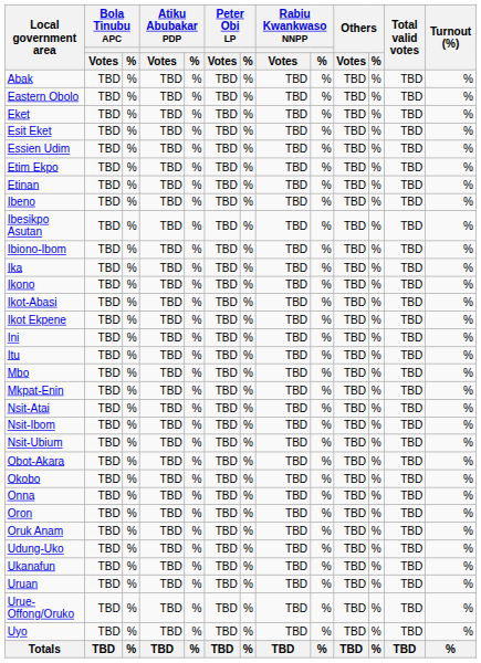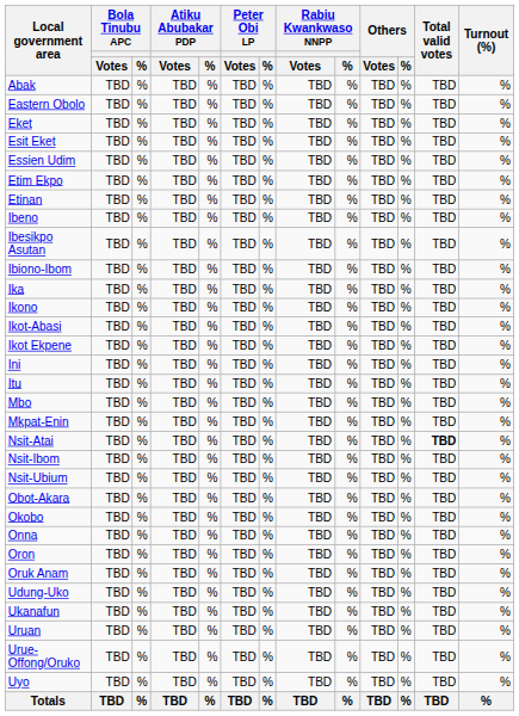 <table class="wikitable sortable" style="text-align:right; font-size:90%">
 <tr>
 <th rowspan="3" style="max-width:7.5em;">Local government area</th>
 <th colspan="2"><a href='#'>Bola Tinubu</a><br><small>APC</small></th>
 <th colspan="2"><a href='#'>Atiku Abubakar</a><br><small>PDP</small></th>
 <th colspan="2"><a href='#'>Peter Obi</a><br><small>LP</small></th>
 <th colspan="2"><a href='#'>Rabiu Kwankwaso</a><br><small>NNPP</small></th>
 <th colspan="2" rowspan="2">Others</th>
 <th rowspan="3" style="max-width:5em;">Total valid votes</th>
 <th rowspan="3" style="max-width:5em;">Turnout (%)</th>
 </tr>
 <tr>
 <th colspan=2 style="background-color:"></th>
 <th colspan=2 style="background-color:"></th>
 <th colspan=2 style="background-color:"></th>
 <th colspan=2 style="background-color:"></th>
 </tr>
 <tr>
 <th>Votes</th>
 <th>%</th>
 <th>Votes</th>
 <th>%</th>
 <th>Votes</th>
 <th>%</th>
 <th>Votes</th>
 <th>%</th>
 <th>Votes</th>
 <th>%</th>
 </tr>
 <tr style="background-color:#">
 <td style="text-align:left;"><a href='#'>Abak</a></td>
 <td>TBD</td>
 <td>%</td>
 <td>TBD</td>
 <td>%</td>
 <td>TBD</td>
 <td>%</td>
 <td>TBD</td>
 <td>%</td>
 <td>TBD</td>
 <td>%</td>
 <td>TBD</td>
 <td>%</td>
 </tr>
 <tr style="background-color:#">
 <td style="text-align:left;"><a href='#'>Eastern Obolo</a></td>
 <td>TBD</td>
 <td>%</td>
 <td>TBD</td>
 <td>%</td>
 <td>TBD</td>
 <td>%</td>
 <td>TBD</td>
 <td>%</td>
 <td>TBD</td>
 <td>%</td>
 <td>TBD</td>
 <td>%</td>
 </tr>
 <tr style="background-color:#">
 <td style="text-align:left;"><a href='#'>Eket</a></td>
 <td>TBD</td>
 <td>%</td>
 <td>TBD</td>
 <td>%</td>
 <td>TBD</td>
 <td>%</td>
 <td>TBD</td>
 <td>%</td>
 <td>TBD</td>
 <td>%</td>
 <td>TBD</td>
 <td>%</td>
 </tr>
 <tr style="background-color:#">
 <td style="text-align:left;"><a href='#'>Esit Eket</a></td>
 <td>TBD</td>
 <td>%</td>
 <td>TBD</td>
 <td>%</td>
 <td>TBD</td>
 <td>%</td>
 <td>TBD</td>
 <td>%</td>
 <td>TBD</td>
 <td>%</td>
 <td>TBD</td>
 <td>%</td>
 </tr>
 <tr style="background-color:#">
 <td style="text-align:left;"><a href='#'>Essien Udim</a></td>
 <td>TBD</td>
 <td>%</td>
 <td>TBD</td>
 <td>%</td>
 <td>TBD</td>
 <td>%</td>
 <td>TBD</td>
 <td>%</td>
 <td>TBD</td>
 <td>%</td>
 <td>TBD</td>
 <td>%</td>
 </tr>
 <tr style="background-color:#">
 <td style="text-align:left;"><a href='#'>Etim Ekpo</a></td>
 <td>TBD</td>
 <td>%</td>
 <td>TBD</td>
 <td>%</td>
 <td>TBD</td>
 <td>%</td>
 <td>TBD</td>
 <td>%</td>
 <td>TBD</td>
 <td>%</td>
 <td>TBD</td>
 <td>%</td>
 </tr>
 <tr style="background-color:#">
 <td style="text-align:left;"><a href='#'>Etinan</a></td>
 <td>TBD</td>
 <td>%</td>
 <td>TBD</td>
 <td>%</td>
 <td>TBD</td>
 <td>%</td>
 <td>TBD</td>
 <td>%</td>
 <td>TBD</td>
 <td>%</td>
 <td>TBD</td>
 <td>%</td>
 </tr>
 <tr style="background-color:#">
 <td style="text-align:left;"><a href='#'>Ibeno</a></td>
 <td>TBD</td>
 <td>%</td>
 <td>TBD</td>
 <td>%</td>
 <td>TBD</td>
 <td>%</td>
 <td>TBD</td>
 <td>%</td>
 <td>TBD</td>
 <td>%</td>
 <td>TBD</td>
 <td>%</td>
 </tr>
 <tr style="background-color:#">
 <td style="text-align:left;"><a href='#'>Ibesikpo Asutan</a></td>
 <td>TBD</td>
 <td>%</td>
 <td>TBD</td>
 <td>%</td>
 <td>TBD</td>
 <td>%</td>
 <td>TBD</td>
 <td>%</td>
 <td>TBD</td>
 <td>%</td>
 <td>TBD</td>
 <td>%</td>
 </tr>
 <tr style="background-color:#">
 <td style="text-align:left;"><a href='#'>Ibiono-Ibom</a></td>
 <td>TBD</td>
 <td>%</td>
 <td>TBD</td>
 <td>%</td>
 <td>TBD</td>
 <td>%</td>
 <td>TBD</td>
 <td>%</td>
 <td>TBD</td>
 <td>%</td>
 <td>TBD</td>
 <td>%</td>
 </tr>
 <tr style="background-color:#">
 <td style="text-align:left;"><a href='#'>Ika</a></td>
 <td>TBD</td>
 <td>%</td>
 <td>TBD</td>
 <td>%</td>
 <td>TBD</td>
 <td>%</td>
 <td>TBD</td>
 <td>%</td>
 <td>TBD</td>
 <td>%</td>
 <td>TBD</td>
 <td>%</td>
 </tr>
 <tr style="background-color:#">
 <td style="text-align:left;"><a href='#'>Ikono</a></td>
 <td>TBD</td>
 <td>%</td>
 <td>TBD</td>
 <td>%</td>
 <td>TBD</td>
 <td>%</td>
 <td>TBD</td>
 <td>%</td>
 <td>TBD</td>
 <td>%</td>
 <td>TBD</td>
 <td>%</td>
 </tr>
 <tr style="background-color:#">
 <td style="text-align:left;"><a href='#'>Ikot-Abasi</a></td>
 <td>TBD</td>
 <td>%</td>
 <td>TBD</td>
 <td>%</td>
 <td>TBD</td>
 <td>%</td>
 <td>TBD</td>
 <td>%</td>
 <td>TBD</td>
 <td>%</td>
 <td>TBD</td>
 <td>%</td>
 </tr>
 <tr style="background-color:#">
 <td style="text-align:left;"><a href='#'>Ikot Ekpene</a></td>
 <td>TBD</td>
 <td>%</td>
 <td>TBD</td>
 <td>%</td>
 <td>TBD</td>
 <td>%</td>
 <td>TBD</td>
 <td>%</td>
 <td>TBD</td>
 <td>%</td>
 <td>TBD</td>
 <td>%</td>
 </tr>
 <tr style="background-color:#">
 <td style="text-align:left;"><a href='#'>Ini</a></td>
 <td>TBD</td>
 <td>%</td>
 <td>TBD</td>
 <td>%</td>
 <td>TBD</td>
 <td>%</td>
 <td>TBD</td>
 <td>%</td>
 <td>TBD</td>
 <td>%</td>
 <td>TBD</td>
 <td>%</td>
 </tr>
 <tr style="background-color:#">
 <td style="text-align:left;"><a href='#'>Itu</a></td>
 <td>TBD</td>
 <td>%</td>
 <td>TBD</td>
 <td>%</td>
 <td>TBD</td>
 <td>%</td>
 <td>TBD</td>
 <td>%</td>
 <td>TBD</td>
 <td>%</td>
 <td>TBD</td>
 <td>%</td>
 </tr>
 <tr style="background-color:#">
 <td style="text-align:left;"><a href='#'>Mbo</a></td>
 <td>TBD</td>
 <td>%</td>
 <td>TBD</td>
 <td>%</td>
 <td>TBD</td>
 <td>%</td>
 <td>TBD</td>
 <td>%</td>
 <td>TBD</td>
 <td>%</td>
 <td>TBD</td>
 <td>%</td>
 </tr>
 <tr style="background-color:#">
 <td style="text-align:left;"><a href='#'>Mkpat-Enin</a></td>
 <td>TBD</td>
 <td>%</td>
 <td>TBD</td>
 <td>%</td>
 <td>TBD</td>
 <td>%</td>
 <td>TBD</td>
 <td>%</td>
 <td>TBD</td>
 <td>%</td>
 <td>TBD</td>
 <td>%</td>
 </tr>
 <tr style="background-color:#">
 <td style="text-align:left;"><a href='#'>Nsit-Atai</a></td>
 <td>TBD</td>
 <td>%</td>
 <td>TBD</td>
 <td>%</td>
 <td>TBD</td>
 <td>%</td>
 <td>TBD</td>
 <td>%</td>
 <td>TBD</td>
 <td>%</td>
-<td>TBD</td>
+<td><strong>TBD</strong></td>
 <td>%</td>
 </tr>
 <tr style="background-color:#">
 <td style="text-align:left;"><a href='#'>Nsit-Ibom</a></td>
 <td>TBD</td>
 <td>%</td>
 <td>TBD</td>
 <td>%</td>
 <td>TBD</td>
 <td>%</td>
 <td>TBD</td>
 <td>%</td>
 <td>TBD</td>
 <td>%</td>
 <td>TBD</td>
 <td>%</td>
 </tr>
 <tr style="background-color:#">
 <td style="text-align:left;"><a href='#'>Nsit-Ubium</a></td>
 <td>TBD</td>
 <td>%</td>
 <td>TBD</td>
 <td>%</td>
 <td>TBD</td>
 <td>%</td>
 <td>TBD</td>
 <td>%</td>
 <td>TBD</td>
 <td>%</td>
 <td>TBD</td>
 <td>%</td>
 </tr>
 <tr style="background-color:#">
 <td style="text-align:left;"><a href='#'>Obot-Akara</a></td>
 <td>TBD</td>
 <td>%</td>
 <td>TBD</td>
 <td>%</td>
 <td>TBD</td>
 <td>%</td>
 <td>TBD</td>
 <td>%</td>
 <td>TBD</td>
 <td>%</td>
 <td>TBD</td>
 <td>%</td>
 </tr>
 <tr style="background-color:#">
 <td style="text-align:left;"><a href='#'>Okobo</a></td>
 <td>TBD</td>
 <td>%</td>
 <td>TBD</td>
 <td>%</td>
 <td>TBD</td>
 <td>%</td>
 <td>TBD</td>
 <td>%</td>
 <td>TBD</td>
 <td>%</td>
 <td>TBD</td>
 <td>%</td>
 </tr>
 <tr style="background-color:#">
 <td style="text-align:left;"><a href='#'>Onna</a></td>
 <td>TBD</td>
 <td>%</td>
 <td>TBD</td>
 <td>%</td>
 <td>TBD</td>
 <td>%</td>
 <td>TBD</td>
 <td>%</td>
 <td>TBD</td>
 <td>%</td>
 <td>TBD</td>
 <td>%</td>
 </tr>
 <tr style="background-color:#">
 <td style="text-align:left;"><a href='#'>Oron</a></td>
 <td>TBD</td>
 <td>%</td>
 <td>TBD</td>
 <td>%</td>
 <td>TBD</td>
 <td>%</td>
 <td>TBD</td>
 <td>%</td>
 <td>TBD</td>
 <td>%</td>
 <td>TBD</td>
 <td>%</td>
 </tr>
 <tr style="background-color:#">
 <td style="text-align:left;"><a href='#'>Oruk Anam</a></td>
 <td>TBD</td>
 <td>%</td>
 <td>TBD</td>
 <td>%</td>
 <td>TBD</td>
 <td>%</td>
 <td>TBD</td>
 <td>%</td>
 <td>TBD</td>
 <td>%</td>
 <td>TBD</td>
 <td>%</td>
 </tr>
 <tr style="background-color:#">
 <td style="text-align:left;"><a href='#'>Udung-Uko</a></td>
 <td>TBD</td>
 <td>%</td>
 <td>TBD</td>
 <td>%</td>
 <td>TBD</td>
 <td>%</td>
 <td>TBD</td>
 <td>%</td>
 <td>TBD</td>
 <td>%</td>
 <td>TBD</td>
 <td>%</td>
 </tr>
 <tr style="background-color:#">
 <td style="text-align:left;"><a href='#'>Ukanafun</a></td>
 <td>TBD</td>
 <td>%</td>
 <td>TBD</td>
 <td>%</td>
 <td>TBD</td>
 <td>%</td>
 <td>TBD</td>
 <td>%</td>
 <td>TBD</td>
 <td>%</td>
 <td>TBD</td>
 <td>%</td>
 </tr>
 <tr style="background-color:#">
 <td style="text-align:left;"><a href='#'>Uruan</a></td>
 <td>TBD</td>
 <td>%</td>
 <td>TBD</td>
 <td>%</td>
 <td>TBD</td>
 <td>%</td>
 <td>TBD</td>
 <td>%</td>
 <td>TBD</td>
 <td>%</td>
 <td>TBD</td>
 <td>%</td>
 </tr>
 <tr style="background-color:#">
 <td style="text-align:left;"><a href='#'>Urue-Offong/Oruko</a></td>
 <td>TBD</td>
 <td>%</td>
 <td>TBD</td>
 <td>%</td>
 <td>TBD</td>
 <td>%</td>
 <td>TBD</td>
 <td>%</td>
 <td>TBD</td>
 <td>%</td>
 <td>TBD</td>
 <td>%</td>
 </tr>
 <tr style="background-color:#">
 <td style="text-align:left;"><a href='#'>Uyo</a></td>
 <td>TBD</td>
 <td>%</td>
 <td>TBD</td>
 <td>%</td>
 <td>TBD</td>
 <td>%</td>
 <td>TBD</td>
 <td>%</td>
 <td>TBD</td>
 <td>%</td>
 <td>TBD</td>
 <td>%</td>
 </tr>
 <tr>
 <th>Totals</th>
 <th>TBD</th>
 <th>%</th>
 <th>TBD</th>
 <th>%</th>
 <th>TBD</th>
 <th>%</th>
 <th>TBD</th>
 <th>%</th>
 <th>TBD</th>
 <th>%</th>
 <th>TBD</th>
 <th>%</th>
 </tr>
 </table>
